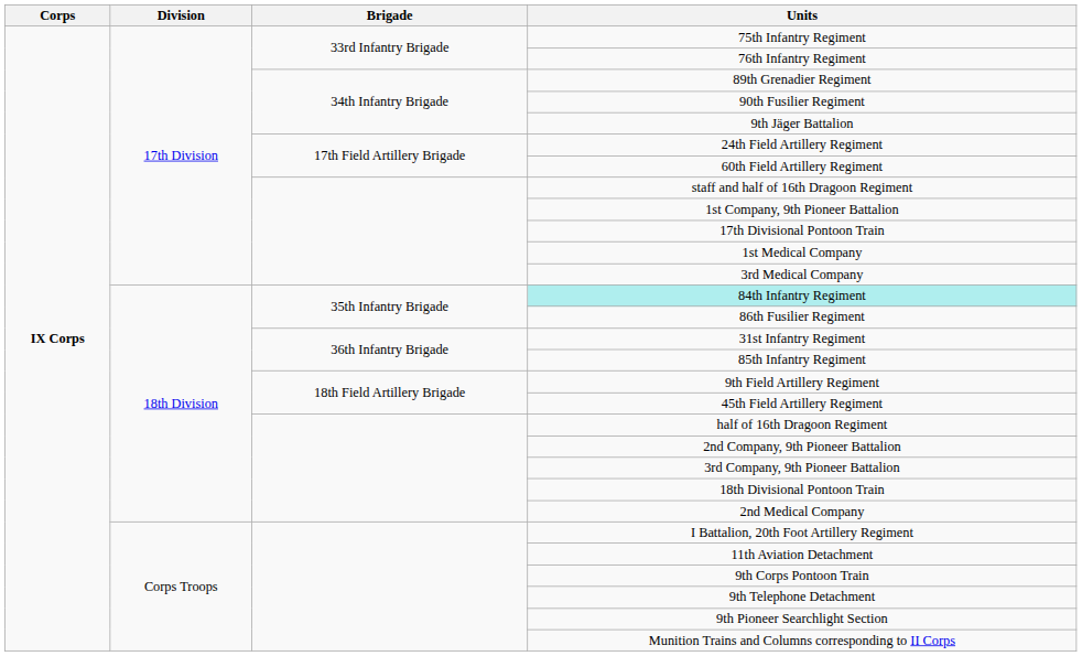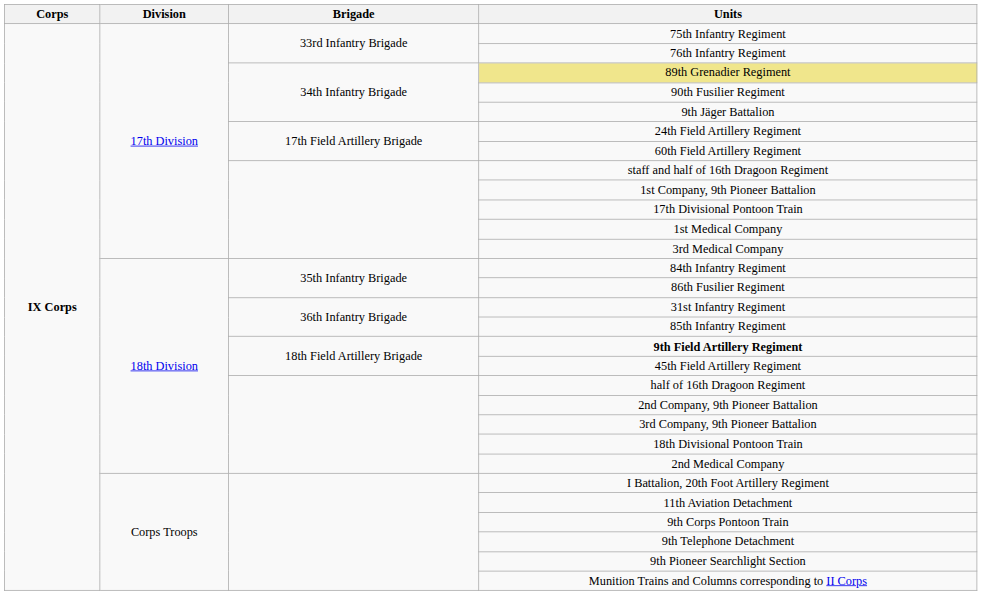 <table class="wikitable collapsible collapsed" style="text-align:center; width:100%;">
 <tr>
 <th>Corps</th>
 <th>Division</th>
 <th>Brigade</th>
 <th>Units</th>
 </tr>
 <tr>
 <td ROWSPAN=29><strong>IX Corps</strong></td>
 <td ROWSPAN=12><a href='#'>17th Division</a></td>
 <td ROWSPAN=2>33rd Infantry Brigade</td>
 <td>75th Infantry Regiment</td>
 </tr>
 <tr>
 <td>76th Infantry Regiment</td>
 </tr>
 <tr>
 <td ROWSPAN=3>34th Infantry Brigade</td>
-<td>89th Grenadier Regiment</td>
+<td style="background: khaki;">89th Grenadier Regiment</td>
 </tr>
 <tr>
 <td>90th Fusilier Regiment</td>
 </tr>
 <tr>
 <td>9th Jäger Battalion</td>
 </tr>
 <tr>
 <td ROWSPAN=2>17th Field Artillery Brigade</td>
 <td>24th Field Artillery Regiment</td>
 </tr>
 <tr>
 <td>60th Field Artillery Regiment</td>
 </tr>
 <tr>
 <td ROWSPAN=5></td>
 <td>staff and half of 16th Dragoon Regiment</td>
 </tr>
 <tr>
 <td>1st Company, 9th Pioneer Battalion</td>
 </tr>
 <tr>
 <td>17th Divisional Pontoon Train</td>
 </tr>
 <tr>
 <td>1st Medical Company</td>
 </tr>
 <tr>
 <td>3rd Medical Company</td>
 </tr>
 <tr>
 <td ROWSPAN=11><a href='#'>18th Division</a></td>
 <td ROWSPAN=2>35th Infantry Brigade</td>
-<td style="background: paleturquoise;">84th Infantry Regiment</td>
+<td>84th Infantry Regiment</td>
 </tr>
 <tr>
 <td>86th Fusilier Regiment</td>
 </tr>
 <tr>
 <td ROWSPAN=2>36th Infantry Brigade</td>
 <td>31st Infantry Regiment</td>
 </tr>
 <tr>
 <td>85th Infantry Regiment</td>
 </tr>
 <tr>
 <td ROWSPAN=2>18th Field Artillery Brigade</td>
-<td>9th Field Artillery Regiment</td>
+<td><strong>9th Field Artillery Regiment</strong></td>
 </tr>
 <tr>
 <td>45th Field Artillery Regiment</td>
 </tr>
 <tr>
 <td ROWSPAN=5></td>
 <td>half of 16th Dragoon Regiment</td>
 </tr>
 <tr>
 <td>2nd Company, 9th Pioneer Battalion</td>
 </tr>
 <tr>
 <td>3rd Company, 9th Pioneer Battalion</td>
 </tr>
 <tr>
 <td>18th Divisional Pontoon Train</td>
 </tr>
 <tr>
 <td>2nd Medical Company</td>
 </tr>
 <tr>
 <td ROWSPAN=6>Corps Troops</td>
 <td ROWSPAN=6></td>
 <td>I Battalion, 20th Foot Artillery Regiment</td>
 </tr>
 <tr>
 <td>11th Aviation Detachment</td>
 </tr>
 <tr>
 <td>9th Corps Pontoon Train</td>
 </tr>
 <tr>
 <td>9th Telephone Detachment</td>
 </tr>
 <tr>
 <td>9th Pioneer Searchlight Section</td>
 </tr>
 <tr>
 <td>Munition Trains and Columns corresponding to <a href='#'>II Corps</a></td>
 </tr>
 </table>
